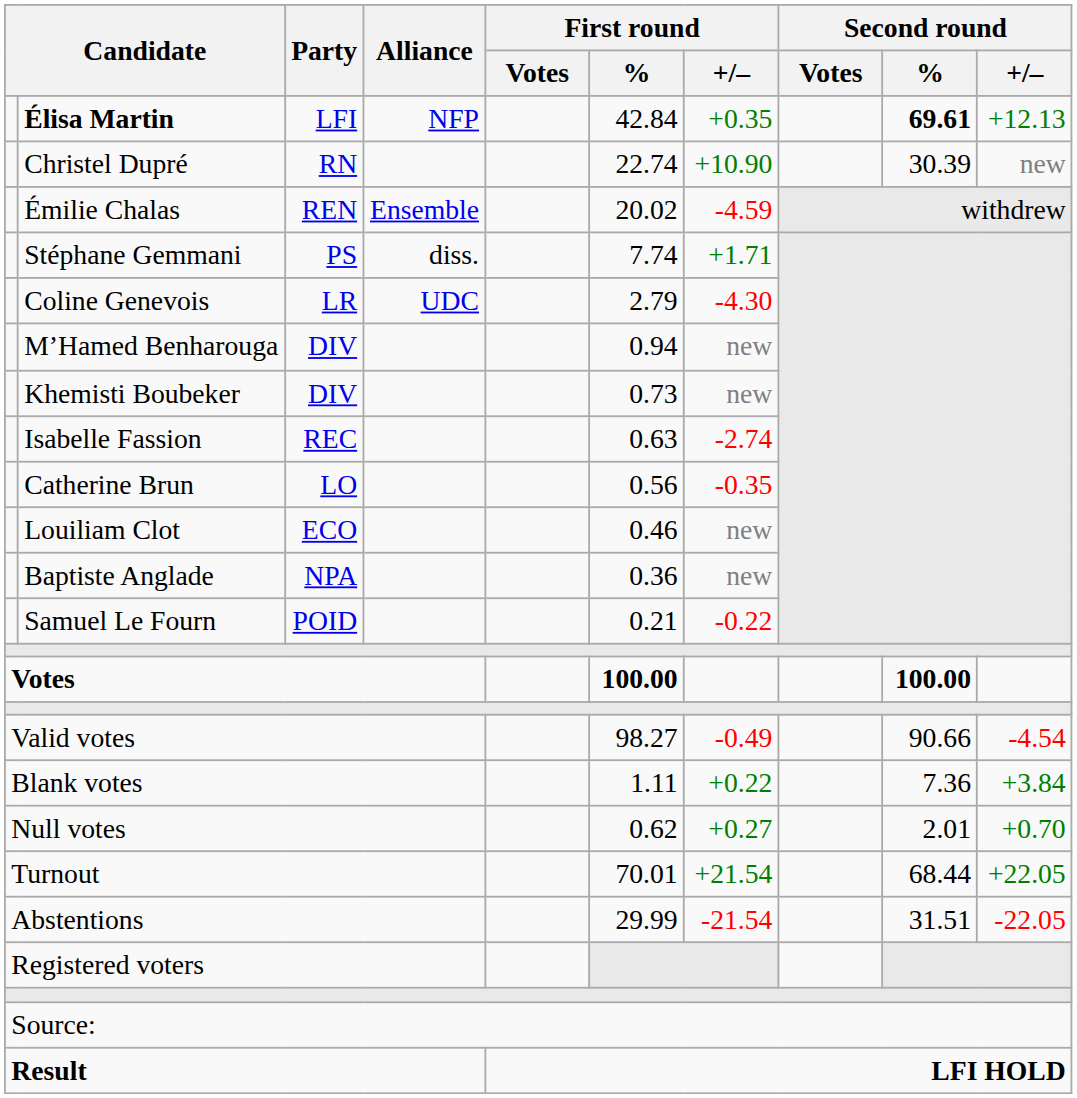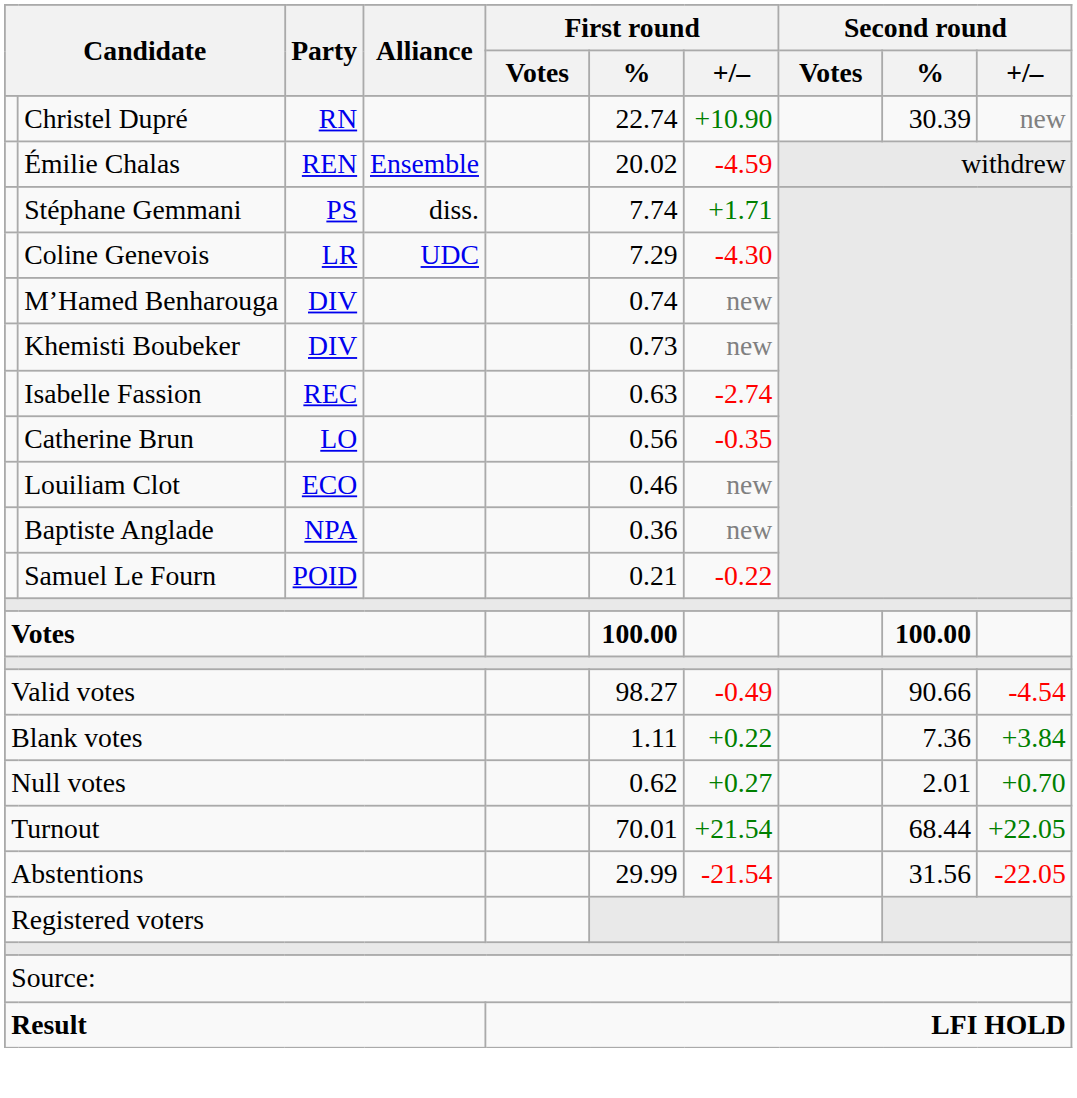 <table class="wikitable" style="text-align:right;font-size:95%;">
 <tr>
 <th rowspan="2" colspan="2">Candidate</th>
 <th colspan="1" rowspan="2">Party</th>
 <th colspan="1" rowspan="2">Alliance</th>
 <th colspan="3">First round</th>
 <th colspan="3">Second round</th>
 </tr>
 <tr>
 <th style="width:50px;">Votes</th>
 <th style="width:45px;">%</th>
 <th style="width:45px;">+/–</th>
 <th style="width:50px;">Votes</th>
 <th style="width:45px;">%</th>
 <th style="width:45px;">+/–</th>
-</tr>
-<tr>
-<td style="color:inherit;background:"></td>
-<td style="text-align:left;"><strong>Élisa Martin</strong></td>
-<td><a href='#'>LFI</a></td>
-<td><a href='#'>NFP</a></td>
-<td></td>
-<td>42.84</td>
-<td style="color:green;">+0.35</td>
-<td><strong></strong></td>
-<td><strong>69.61</strong></td>
-<td style="color:green;">+12.13</td>
 </tr>
 <tr>
 <td style="color:inherit;background:"></td>
 <td style="text-align:left;">Christel Dupré</td>
 <td><a href='#'>RN</a></td>
 <td></td>
 <td></td>
 <td>22.74</td>
 <td style="color:green;">+10.90</td>
 <td></td>
 <td>30.39</td>
 <td style="color:grey;">new</td>
 </tr>
 <tr>
 <td style="color:inherit;background:"></td>
 <td style="text-align:left;">Émilie Chalas</td>
 <td><a href='#'>REN</a></td>
 <td><a href='#'>Ensemble</a></td>
 <td></td>
 <td>20.02</td>
 <td style="color:red;">-4.59</td>
 <td colspan="3" style="background:#E9E9E9;">withdrew</td>
 </tr>
 <tr>
 <td style="color:inherit;background:"></td>
 <td style="text-align:left;">Stéphane Gemmani</td>
 <td><a href='#'>PS</a></td>
 <td>diss.</td>
 <td></td>
 <td>7.74</td>
 <td style="color:green;">+1.71</td>
 <td colspan="3" rowspan="9" style="background:#E9E9E9;"></td>
 </tr>
 <tr>
 <td style="color:inherit;background:"></td>
 <td style="text-align:left;">Coline Genevois</td>
 <td><a href='#'>LR</a></td>
 <td><a href='#'>UDC</a></td>
 <td></td>
-<td>2.79</td>
+<td>7.29</td>
 <td style="color:red;">-4.30</td>
 </tr>
 <tr>
 <td style="color:inherit;background:"></td>
 <td style="text-align:left;">M’Hamed Benharouga</td>
 <td><a href='#'>DIV</a></td>
 <td></td>
 <td></td>
-<td>0.94</td>
+<td>0.74</td>
 <td style="color:grey;">new</td>
 </tr>
 <tr>
 <td style="color:inherit;background:"></td>
 <td style="text-align:left;">Khemisti Boubeker</td>
 <td><a href='#'>DIV</a></td>
 <td></td>
 <td></td>
 <td>0.73</td>
 <td style="color:grey;">new</td>
 </tr>
 <tr>
 <td style="color:inherit;background:"></td>
 <td style="text-align:left;">Isabelle Fassion</td>
 <td><a href='#'>REC</a></td>
 <td></td>
 <td></td>
 <td>0.63</td>
 <td style="color:red;">-2.74</td>
 </tr>
 <tr>
 <td style="color:inherit;background:"></td>
 <td style="text-align:left;">Catherine Brun</td>
 <td><a href='#'>LO</a></td>
 <td></td>
 <td></td>
 <td>0.56</td>
 <td style="color:red;">-0.35</td>
 </tr>
 <tr>
 <td style="color:inherit;background:"></td>
 <td style="text-align:left;">Louiliam Clot</td>
 <td><a href='#'>ECO</a></td>
 <td></td>
 <td></td>
 <td>0.46</td>
 <td style="color:grey;">new</td>
 </tr>
 <tr>
 <td style="color:inherit;background:"></td>
 <td style="text-align:left;">Baptiste Anglade</td>
 <td><a href='#'>NPA</a></td>
 <td></td>
 <td></td>
 <td>0.36</td>
 <td style="color:grey;">new</td>
 </tr>
 <tr>
 <td style="color:inherit;background:"></td>
 <td style="text-align:left;">Samuel Le Fourn</td>
 <td><a href='#'>POID</a></td>
 <td></td>
 <td></td>
 <td>0.21</td>
 <td style="color:red;">-0.22</td>
 </tr>
 <tr>
 <td colspan="10" style="background:#E9E9E9;"></td>
 </tr>
 <tr style="font-weight:bold;">
 <td colspan="4" style="text-align:left;">Votes</td>
 <td></td>
 <td>100.00</td>
 <td></td>
 <td></td>
 <td>100.00</td>
 <td></td>
 </tr>
 <tr>
 <td colspan="10" style="background:#E9E9E9;"></td>
 </tr>
 <tr>
 <td colspan="4" style="text-align:left;">Valid votes</td>
 <td></td>
 <td>98.27</td>
 <td style="color:red;">-0.49</td>
 <td></td>
 <td>90.66</td>
 <td style="color:red;">-4.54</td>
 </tr>
 <tr>
 <td colspan="4" style="text-align:left;">Blank votes</td>
 <td></td>
 <td>1.11</td>
 <td style="color:green;">+0.22</td>
 <td></td>
 <td>7.36</td>
 <td style="color:green;">+3.84</td>
 </tr>
 <tr>
 <td colspan="4" style="text-align:left;">Null votes</td>
 <td></td>
 <td>0.62</td>
 <td style="color:green;">+0.27</td>
 <td></td>
 <td>2.01</td>
 <td style="color:green;">+0.70</td>
 </tr>
 <tr>
 <td colspan="4" style="text-align:left;">Turnout</td>
 <td></td>
 <td>70.01</td>
 <td style="color:green;">+21.54</td>
 <td></td>
 <td>68.44</td>
 <td style="color:green;">+22.05</td>
 </tr>
 <tr>
 <td colspan="4" style="text-align:left;">Abstentions</td>
 <td></td>
 <td>29.99</td>
 <td style="color:red;">-21.54</td>
 <td></td>
-<td>31.51</td>
+<td>31.56</td>
 <td style="color:red;">-22.05</td>
 </tr>
 <tr>
 <td colspan="4" style="text-align:left;">Registered voters</td>
 <td></td>
 <td colspan="2" style="background:#E9E9E9;"></td>
 <td></td>
 <td colspan="2" style="background:#E9E9E9;"></td>
 </tr>
 <tr>
 <td colspan="10" style="background:#E9E9E9;"></td>
 </tr>
 <tr>
 <td colspan="10" style="text-align:left;">Source: </td>
 </tr>
 <tr style="font-weight:bold">
 <td colspan="4" style="text-align:left;">Result</td>
 <td colspan="6" style="background-color:">LFI HOLD</td>
 </tr>
 </table>
